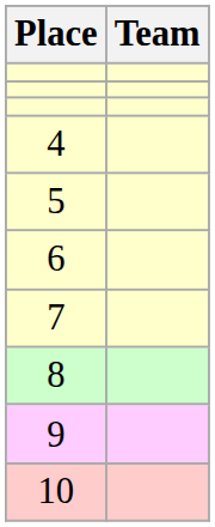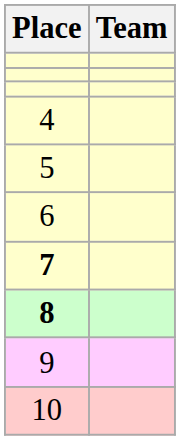 <table class="wikitable">
 <tr>
 <th>Place</th>
 <th>Team</th>
 </tr>
 <tr bgcolor=#ffffcc>
 <td align=center></td>
 <td></td>
 </tr>
 <tr bgcolor=#ffffcc>
 <td align=center></td>
 <td></td>
 </tr>
 <tr bgcolor=#ffffcc>
 <td align=center></td>
 <td></td>
 </tr>
 <tr bgcolor=#ffffcc>
 <td align=center>4</td>
 <td></td>
 </tr>
 <tr bgcolor=#ffffcc>
 <td align=center>5</td>
 <td></td>
 </tr>
 <tr bgcolor=#ffffcc>
 <td align=center>6</td>
 <td></td>
 </tr>
 <tr bgcolor=#ffffcc>
-<td align=center>7</td>
+<td align=center><strong>7</strong></td>
 <td></td>
 </tr>
 <tr bgcolor=#ccffcc>
-<td align=center>8</td>
+<td align=center><strong>8</strong></td>
 <td></td>
 </tr>
 <tr bgcolor=#ffccff>
 <td align=center>9</td>
 <td></td>
 </tr>
 <tr bgcolor=#ffcccc>
 <td align=center>10</td>
 <td></td>
 </tr>
 </table>
